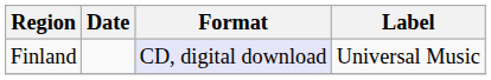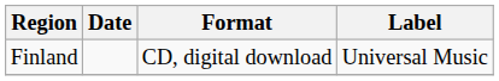 <table class=wikitable>
 <tr>
 <th>Region</th>
 <th>Date</th>
 <th>Format</th>
 <th>Label</th>
 </tr>
 <tr>
 <td>Finland</td>
 <td></td>
-<td style="background: lavender;">CD, digital download</td>
+<td>CD, digital download</td>
 <td>Universal Music</td>
 </tr>
 <tr>
 </tr>
 </table>
